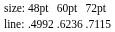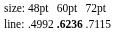 <table style="margin-left:40px;">
 <tr>
 <td>size:</td>
 <td>48pt</td>
 <td>60pt</td>
 <td>72pt</td>
 </tr>
 <tr>
 <td>line:</td>
 <td>.4992</td>
-<td>.6236</td>
+<td><strong>.6236</strong></td>
 <td>.7115</td>
 </tr>
 </table>
